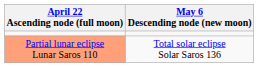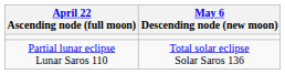 <table class="wikitable">
 <tr>
 <th><a href='#'>April 22</a><br>Ascending node (full moon)<br></th>
 <th><a href='#'>May 6</a><br>Descending node (new moon)<br></th>
 </tr>
 <tr>
 <td></td>
 <td></td>
 </tr>
 <tr align=center>
-<td style="background: lightsalmon;"><a href='#'>Partial lunar eclipse</a><br>Lunar Saros 110</td>
+<td><a href='#'>Partial lunar eclipse</a><br>Lunar Saros 110</td>
 <td><a href='#'>Total solar eclipse</a><br>Solar Saros 136</td>
 </tr>
 </table>
